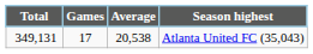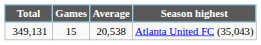 <table class=wikitable style="text-align:center">
 <tr>
 <th style="background:#585958; color:#FFFFFF; border:2px solid #9BCDE4;">Total</th>
 <th style="background:#585958; color:#FFFFFF; border:2px solid #9BCDE4;">Games</th>
 <th style="background:#585958; color:#FFFFFF; border:2px solid #9BCDE4;">Average</th>
 <th style="background:#585958; color:#FFFFFF; border:2px solid #9BCDE4;">Season highest</th>
 </tr>
 <tr>
 <td>   349,131 </td>
-<td>17</td>
+<td>15</td>
 <td>20,538</td>
 <td align=right><a href='#'>Atlanta United FC</a> (35,043)</td>
 </tr>
 </table>
